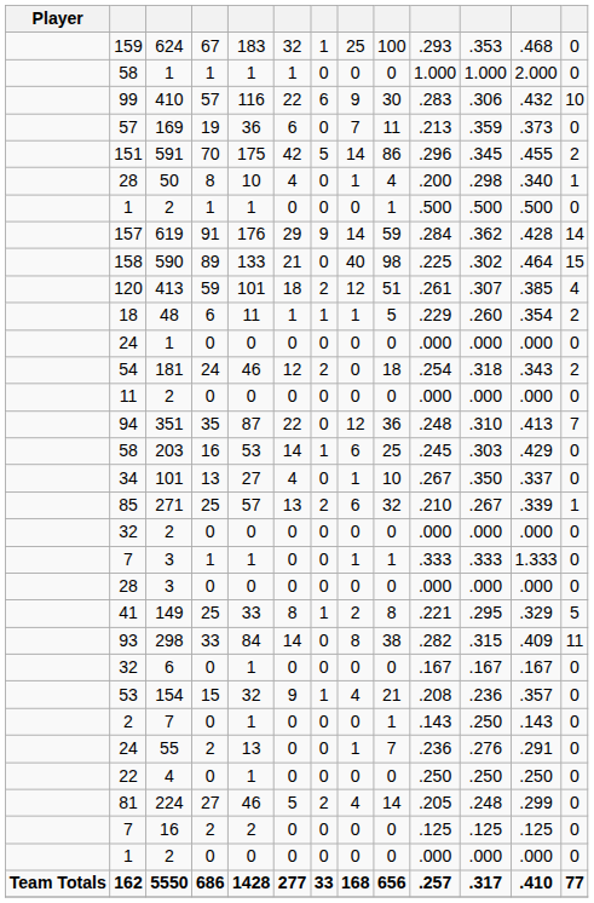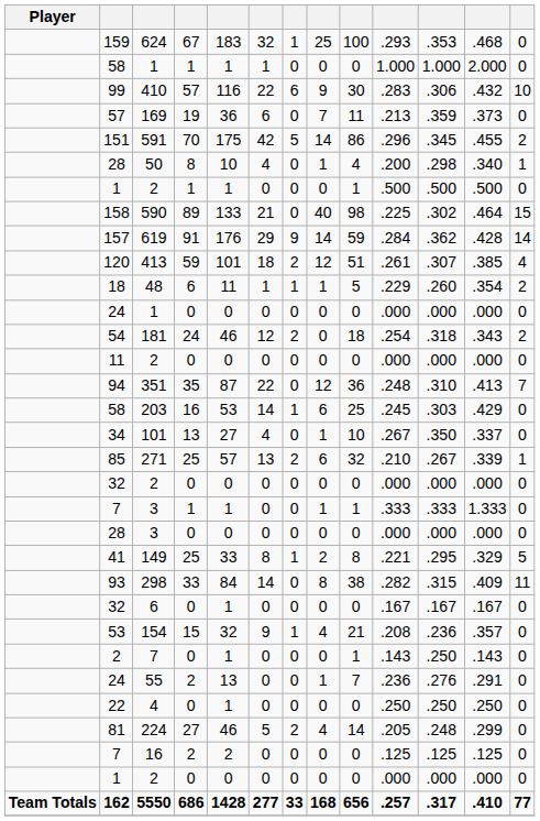 <table class="wikitable sortable" style="text-align:center;">
 <tr>
 <th>Player</th>
 <th></th>
 <th></th>
 <th></th>
 <th></th>
 <th></th>
 <th></th>
 <th></th>
 <th></th>
 <th></th>
 <th></th>
 <th></th>
 <th></th>
 </tr>
 <tr>
 <td align=left></td>
 <td>159</td>
 <td>624</td>
 <td>67</td>
 <td>183</td>
 <td>32</td>
 <td>1</td>
 <td>25</td>
 <td>100</td>
 <td>.293</td>
 <td>.353</td>
 <td>.468</td>
 <td>0</td>
 </tr>
 <tr>
 <td align=left></td>
 <td>58</td>
 <td>1</td>
 <td>1</td>
 <td>1</td>
 <td>1</td>
 <td>0</td>
 <td>0</td>
 <td>0</td>
 <td>1.000</td>
 <td>1.000</td>
 <td>2.000</td>
 <td>0</td>
 </tr>
 <tr>
 <td align=left></td>
 <td>99</td>
 <td>410</td>
 <td>57</td>
 <td>116</td>
 <td>22</td>
 <td>6</td>
 <td>9</td>
 <td>30</td>
 <td>.283</td>
 <td>.306</td>
 <td>.432</td>
 <td>10</td>
 </tr>
 <tr>
 <td align=left></td>
 <td>57</td>
 <td>169</td>
 <td>19</td>
 <td>36</td>
 <td>6</td>
 <td>0</td>
 <td>7</td>
 <td>11</td>
 <td>.213</td>
 <td>.359</td>
 <td>.373</td>
 <td>0</td>
 </tr>
 <tr>
 <td align=left></td>
 <td>151</td>
 <td>591</td>
 <td>70</td>
 <td>175</td>
 <td>42</td>
 <td>5</td>
 <td>14</td>
 <td>86</td>
 <td>.296</td>
 <td>.345</td>
 <td>.455</td>
 <td>2</td>
 </tr>
 <tr>
 <td align=left></td>
 <td>28</td>
 <td>50</td>
 <td>8</td>
 <td>10</td>
 <td>4</td>
 <td>0</td>
 <td>1</td>
 <td>4</td>
 <td>.200</td>
 <td>.298</td>
 <td>.340</td>
 <td>1</td>
 </tr>
 <tr>
 <td align=left></td>
 <td>1</td>
 <td>2</td>
 <td>1</td>
 <td>1</td>
 <td>0</td>
 <td>0</td>
 <td>0</td>
 <td>1</td>
 <td>.500</td>
 <td>.500</td>
 <td>.500</td>
 <td>0</td>
 </tr>
 <tr>
 <td align=left></td>
+<td>158</td>
+<td>590</td>
+<td>89</td>
+<td>133</td>
+<td>21</td>
+<td>0</td>
+<td>40</td>
+<td>98</td>
+<td>.225</td>
+<td>.302</td>
+<td>.464</td>
+<td>15</td>
+</tr>
+<tr>
+<td align=left></td>
 <td>157</td>
 <td>619</td>
 <td>91</td>
 <td>176</td>
 <td>29</td>
 <td>9</td>
 <td>14</td>
 <td>59</td>
 <td>.284</td>
 <td>.362</td>
 <td>.428</td>
 <td>14</td>
-</tr>
-<tr>
-<td align=left></td>
-<td>158</td>
-<td>590</td>
-<td>89</td>
-<td>133</td>
-<td>21</td>
-<td>0</td>
-<td>40</td>
-<td>98</td>
-<td>.225</td>
-<td>.302</td>
-<td>.464</td>
-<td>15</td>
 </tr>
 <tr>
 <td align=left></td>
 <td>120</td>
 <td>413</td>
 <td>59</td>
 <td>101</td>
 <td>18</td>
 <td>2</td>
 <td>12</td>
 <td>51</td>
 <td>.261</td>
 <td>.307</td>
 <td>.385</td>
 <td>4</td>
 </tr>
 <tr>
 <td align=left></td>
 <td>18</td>
 <td>48</td>
 <td>6</td>
 <td>11</td>
 <td>1</td>
 <td>1</td>
 <td>1</td>
 <td>5</td>
 <td>.229</td>
 <td>.260</td>
 <td>.354</td>
 <td>2</td>
 </tr>
 <tr>
 <td align=left></td>
 <td>24</td>
 <td>1</td>
 <td>0</td>
 <td>0</td>
 <td>0</td>
 <td>0</td>
 <td>0</td>
 <td>0</td>
 <td>.000</td>
 <td>.000</td>
 <td>.000</td>
 <td>0</td>
 </tr>
 <tr>
 <td align=left></td>
 <td>54</td>
 <td>181</td>
 <td>24</td>
 <td>46</td>
 <td>12</td>
 <td>2</td>
 <td>0</td>
 <td>18</td>
 <td>.254</td>
 <td>.318</td>
 <td>.343</td>
 <td>2</td>
 </tr>
 <tr>
 <td align=left></td>
 <td>11</td>
 <td>2</td>
 <td>0</td>
 <td>0</td>
 <td>0</td>
 <td>0</td>
 <td>0</td>
 <td>0</td>
 <td>.000</td>
 <td>.000</td>
 <td>.000</td>
 <td>0</td>
 </tr>
 <tr>
 <td align=left></td>
 <td>94</td>
 <td>351</td>
 <td>35</td>
 <td>87</td>
 <td>22</td>
 <td>0</td>
 <td>12</td>
 <td>36</td>
 <td>.248</td>
 <td>.310</td>
 <td>.413</td>
 <td>7</td>
 </tr>
 <tr>
 <td align=left></td>
 <td>58</td>
 <td>203</td>
 <td>16</td>
 <td>53</td>
 <td>14</td>
 <td>1</td>
 <td>6</td>
 <td>25</td>
 <td>.245</td>
 <td>.303</td>
 <td>.429</td>
 <td>0</td>
 </tr>
 <tr>
 <td align=left></td>
 <td>34</td>
 <td>101</td>
 <td>13</td>
 <td>27</td>
 <td>4</td>
 <td>0</td>
 <td>1</td>
 <td>10</td>
 <td>.267</td>
 <td>.350</td>
 <td>.337</td>
 <td>0</td>
 </tr>
 <tr>
 <td align=left></td>
 <td>85</td>
 <td>271</td>
 <td>25</td>
 <td>57</td>
 <td>13</td>
 <td>2</td>
 <td>6</td>
 <td>32</td>
 <td>.210</td>
 <td>.267</td>
 <td>.339</td>
 <td>1</td>
 </tr>
 <tr>
 <td align=left></td>
 <td>32</td>
 <td>2</td>
 <td>0</td>
 <td>0</td>
 <td>0</td>
 <td>0</td>
 <td>0</td>
 <td>0</td>
 <td>.000</td>
 <td>.000</td>
 <td>.000</td>
 <td>0</td>
 </tr>
 <tr>
 <td align=left></td>
 <td>7</td>
 <td>3</td>
 <td>1</td>
 <td>1</td>
 <td>0</td>
 <td>0</td>
 <td>1</td>
 <td>1</td>
 <td>.333</td>
 <td>.333</td>
 <td>1.333</td>
 <td>0</td>
 </tr>
 <tr>
 <td align=left></td>
 <td>28</td>
 <td>3</td>
 <td>0</td>
 <td>0</td>
 <td>0</td>
 <td>0</td>
 <td>0</td>
 <td>0</td>
 <td>.000</td>
 <td>.000</td>
 <td>.000</td>
 <td>0</td>
 </tr>
 <tr>
 <td align=left></td>
 <td>41</td>
 <td>149</td>
 <td>25</td>
 <td>33</td>
 <td>8</td>
 <td>1</td>
 <td>2</td>
 <td>8</td>
 <td>.221</td>
 <td>.295</td>
 <td>.329</td>
 <td>5</td>
 </tr>
 <tr>
 <td align=left></td>
 <td>93</td>
 <td>298</td>
 <td>33</td>
 <td>84</td>
 <td>14</td>
 <td>0</td>
 <td>8</td>
 <td>38</td>
 <td>.282</td>
 <td>.315</td>
 <td>.409</td>
 <td>11</td>
 </tr>
 <tr>
 <td align=left></td>
 <td>32</td>
 <td>6</td>
 <td>0</td>
 <td>1</td>
 <td>0</td>
 <td>0</td>
 <td>0</td>
 <td>0</td>
 <td>.167</td>
 <td>.167</td>
 <td>.167</td>
 <td>0</td>
 </tr>
 <tr>
 <td align=left></td>
 <td>53</td>
 <td>154</td>
 <td>15</td>
 <td>32</td>
 <td>9</td>
 <td>1</td>
 <td>4</td>
 <td>21</td>
 <td>.208</td>
 <td>.236</td>
 <td>.357</td>
 <td>0</td>
 </tr>
 <tr>
 <td align=left></td>
 <td>2</td>
 <td>7</td>
 <td>0</td>
 <td>1</td>
 <td>0</td>
 <td>0</td>
 <td>0</td>
 <td>1</td>
 <td>.143</td>
 <td>.250</td>
 <td>.143</td>
 <td>0</td>
 </tr>
 <tr>
 <td align=left></td>
 <td>24</td>
 <td>55</td>
 <td>2</td>
 <td>13</td>
 <td>0</td>
 <td>0</td>
 <td>1</td>
 <td>7</td>
 <td>.236</td>
 <td>.276</td>
 <td>.291</td>
 <td>0</td>
 </tr>
 <tr>
 <td align=left></td>
 <td>22</td>
 <td>4</td>
 <td>0</td>
 <td>1</td>
 <td>0</td>
 <td>0</td>
 <td>0</td>
 <td>0</td>
 <td>.250</td>
 <td>.250</td>
 <td>.250</td>
 <td>0</td>
 </tr>
 <tr>
 <td align=left></td>
 <td>81</td>
 <td>224</td>
 <td>27</td>
 <td>46</td>
 <td>5</td>
 <td>2</td>
 <td>4</td>
 <td>14</td>
 <td>.205</td>
 <td>.248</td>
 <td>.299</td>
 <td>0</td>
 </tr>
 <tr>
 <td align=left></td>
 <td>7</td>
 <td>16</td>
 <td>2</td>
 <td>2</td>
 <td>0</td>
 <td>0</td>
 <td>0</td>
 <td>0</td>
 <td>.125</td>
 <td>.125</td>
 <td>.125</td>
 <td>0</td>
 </tr>
 <tr>
 <td align=left></td>
 <td>1</td>
 <td>2</td>
 <td>0</td>
 <td>0</td>
 <td>0</td>
 <td>0</td>
 <td>0</td>
 <td>0</td>
 <td>.000</td>
 <td>.000</td>
 <td>.000</td>
 <td>0</td>
 </tr>
 <tr>
 <td align=left><strong>Team Totals</strong></td>
 <td><strong>162</strong></td>
 <td><strong>5550</strong></td>
 <td><strong>686</strong></td>
 <td><strong>1428</strong></td>
 <td><strong>277</strong></td>
 <td><strong>33</strong></td>
 <td><strong>168</strong></td>
 <td><strong>656</strong></td>
 <td><strong>.257</strong></td>
 <td><strong>.317</strong></td>
 <td><strong>.410</strong></td>
 <td><strong>77</strong></td>
 </tr>
 <tr class="sortbottom|}">
 </tr>
 </table>
